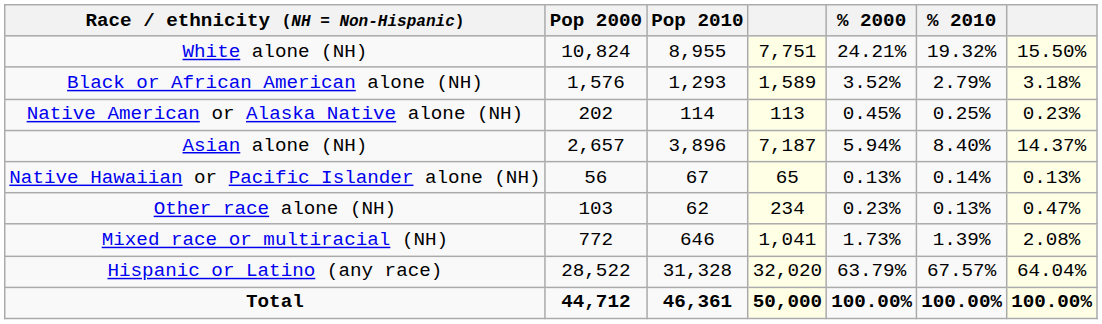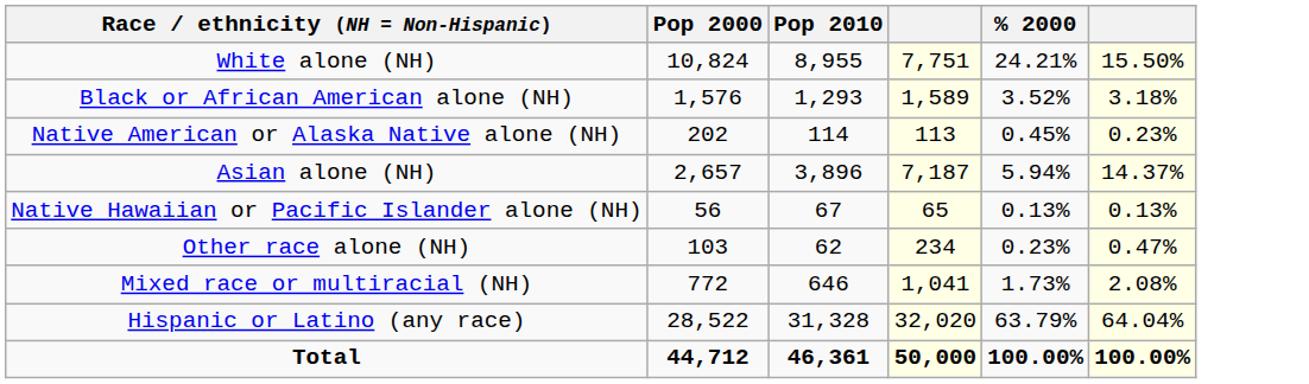 <table class="wikitable" style="text-align:center;">
 <tr>
 <th>Race / ethnicity <small>(<em>NH = Non-Hispanic</em>)</small></th>
 <th>Pop 2000</th>
 <th>Pop 2010</th>
 <th></th>
 <th>% 2000</th>
-<th>% 2010</th>
 <th></th>
 </tr>
 <tr>
 <td><a href='#'>White</a> alone (NH)</td>
 <td>10,824</td>
 <td>8,955</td>
 <td style='background: #ffffe6;'>7,751</td>
 <td>24.21%</td>
-<td>19.32%</td>
 <td style='background: #ffffe6;'>15.50%</td>
 </tr>
 <tr>
 <td><a href='#'>Black or African American</a> alone (NH)</td>
 <td>1,576</td>
 <td>1,293</td>
 <td style='background: #ffffe6;'>1,589</td>
 <td>3.52%</td>
-<td>2.79%</td>
 <td style='background: #ffffe6;'>3.18%</td>
 </tr>
 <tr>
 <td><a href='#'>Native American</a> or <a href='#'>Alaska Native</a> alone (NH)</td>
 <td>202</td>
 <td>114</td>
 <td style='background: #ffffe6;'>113</td>
 <td>0.45%</td>
-<td>0.25%</td>
 <td style='background: #ffffe6;'>0.23%</td>
 </tr>
 <tr>
 <td><a href='#'>Asian</a> alone (NH)</td>
 <td>2,657</td>
 <td>3,896</td>
 <td style='background: #ffffe6;'>7,187</td>
 <td>5.94%</td>
-<td>8.40%</td>
 <td style='background: #ffffe6;'>14.37%</td>
 </tr>
 <tr>
 <td><a href='#'>Native Hawaiian</a> or <a href='#'>Pacific Islander</a> alone (NH)</td>
 <td>56</td>
 <td>67</td>
 <td style='background: #ffffe6;'>65</td>
 <td>0.13%</td>
-<td>0.14%</td>
 <td style='background: #ffffe6;'>0.13%</td>
 </tr>
 <tr>
 <td><a href='#'>Other race</a> alone (NH)</td>
 <td>103</td>
 <td>62</td>
 <td style='background: #ffffe6;'>234</td>
 <td>0.23%</td>
-<td>0.13%</td>
 <td style='background: #ffffe6;'>0.47%</td>
 </tr>
 <tr>
 <td><a href='#'>Mixed race or multiracial</a> (NH)</td>
 <td>772</td>
 <td>646</td>
 <td style='background: #ffffe6;'>1,041</td>
 <td>1.73%</td>
-<td>1.39%</td>
 <td style='background: #ffffe6;'>2.08%</td>
 </tr>
 <tr>
 <td><a href='#'>Hispanic or Latino</a> (any race)</td>
 <td>28,522</td>
 <td>31,328</td>
 <td style='background: #ffffe6;'>32,020</td>
 <td>63.79%</td>
-<td>67.57%</td>
 <td style='background: #ffffe6;'>64.04%</td>
 </tr>
 <tr>
 <td><strong>Total</strong></td>
 <td><strong>44,712</strong></td>
 <td><strong>46,361</strong></td>
 <td style='background: #ffffe6;'><strong>50,000</strong></td>
 <td><strong>100.00%</strong></td>
-<td><strong>100.00%</strong></td>
 <td style='background: #ffffe6;'><strong>100.00%</strong></td>
 </tr>
 </table>
